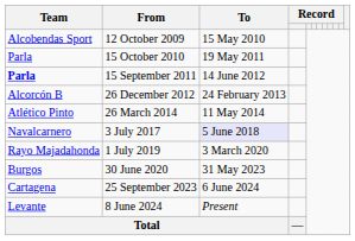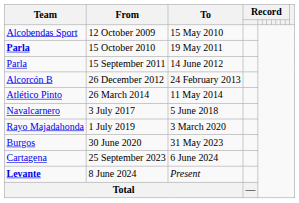 <table class="wikitable" style="text-align: center">
 <tr>
 <th rowspan="2">Team</th>
 <th rowspan="2">From</th>
 <th rowspan="2">To</th>
 <th colspan="8">Record</th>
 <th rowspan=2></th>
 </tr>
 <tr>
 <th></th>
 <th></th>
 <th></th>
 <th></th>
 <th></th>
 <th></th>
 <th></th>
 <th></th>
 </tr>
 <tr>
 <td align=left><a href='#'>Alcobendas Sport</a></td>
 <td align=left>12 October 2009</td>
 <td align=left>15 May 2010<br></td>
 <td></td>
 </tr>
 <tr>
-<td align=left><a href='#'>Parla</a></td>
+<td align=left><strong><a href='#'>Parla</a></strong></td>
 <td align=left>15 October 2010</td>
 <td align=left>19 May 2011<br></td>
 <td></td>
 </tr>
 <tr>
-<td align=left><strong><a href='#'>Parla</a></strong></td>
+<td align=left><a href='#'>Parla</a></td>
 <td align=left>15 September 2011</td>
 <td align=left>14 June 2012<br></td>
 <td></td>
 </tr>
 <tr>
 <td align=left><a href='#'>Alcorcón B</a></td>
 <td align=left>26 December 2012</td>
 <td align=left>24 February 2013<br></td>
 <td></td>
 </tr>
 <tr>
 <td align=left><a href='#'>Atlético Pinto</a></td>
 <td align=left>26 March 2014</td>
 <td align=left>11 May 2014<br></td>
 <td></td>
 </tr>
 <tr>
 <td align=left><a href='#'>Navalcarnero</a></td>
 <td align=left>3 July 2017</td>
-<td align=left style="background: lavender;">5 June 2018<br></td>
+<td align=left>5 June 2018<br></td>
 <td></td>
 </tr>
 <tr>
 <td align=left><a href='#'>Rayo Majadahonda</a></td>
 <td align=left>1 July 2019</td>
 <td align=left>3 March 2020<br></td>
 <td></td>
 </tr>
 <tr>
 <td align=left><a href='#'>Burgos</a></td>
 <td align=left>30 June 2020</td>
 <td align=left>31 May 2023<br></td>
 <td></td>
 </tr>
 <tr>
 <td align=left><a href='#'>Cartagena</a></td>
 <td align=left>25 September 2023</td>
 <td align=left>6 June 2024<br></td>
 <td></td>
 </tr>
 <tr>
-<td align=left><a href='#'>Levante</a></td>
+<td align=left><strong><a href='#'>Levante</a></strong></td>
 <td align=left>8 June 2024</td>
 <td align=left><em>Present</em><br></td>
 <td></td>
 </tr>
 <tr>
 <th colspan="3">Total<br></th>
 <th>—</th>
 </tr>
 </table>
